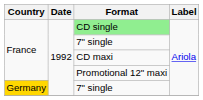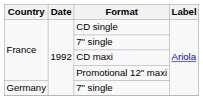 <table class=wikitable>
 <tr>
 <th>Country</th>
 <th>Date</th>
 <th>Format</th>
 <th>Label</th>
 </tr>
 <tr>
 <td rowspan="4">France</td>
 <td rowspan="5">1992</td>
-<td style="background: lightgreen;">CD single</td>
+<td>CD single</td>
 <td rowspan="5"><a href='#'>Ariola</a></td>
 </tr>
 <tr>
 <td>7" single</td>
 </tr>
 <tr>
 <td>CD maxi</td>
 </tr>
 <tr>
 <td>Promotional 12" maxi</td>
 </tr>
 <tr>
-<td style="background: gold;">Germany</td>
+<td>Germany</td>
 <td>7" single</td>
 </tr>
 <tr>
 </tr>
 </table>
